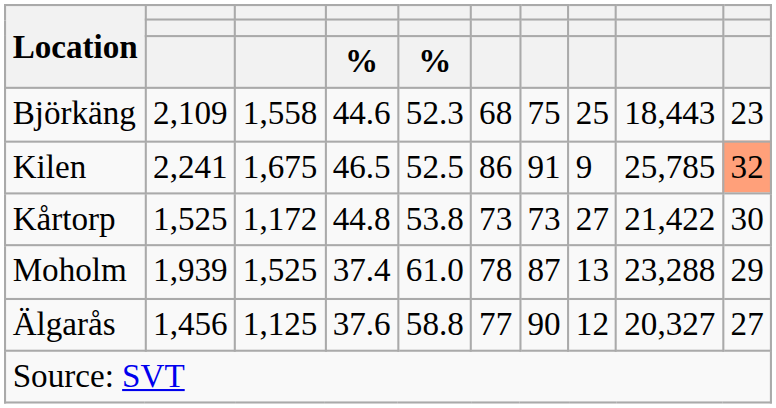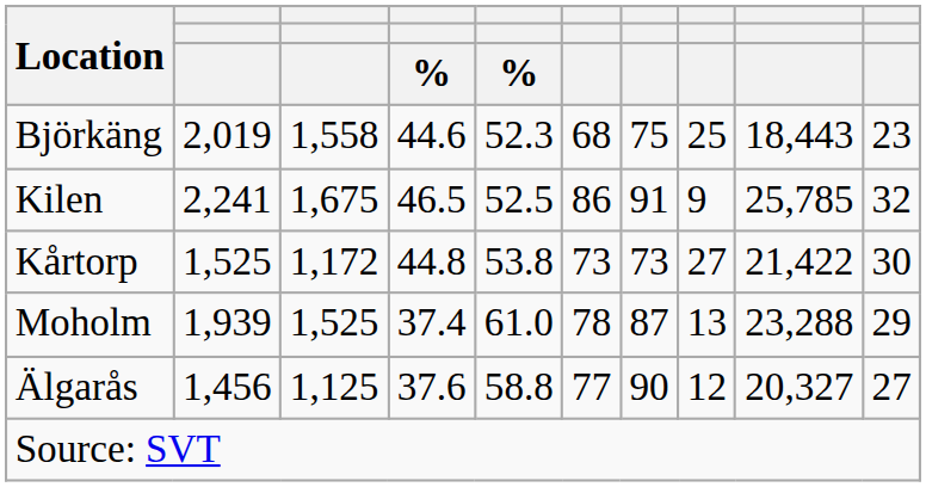 <table role="presentation" class="wikitable sortable mw-collapsible">
 <tr>
 <th rowspan="3">Location</th>
 <th></th>
 <th></th>
 <th></th>
 <th></th>
 <th></th>
 <th></th>
 <th></th>
 <th></th>
 <th></th>
 </tr>
 <tr>
 <th></th>
 <th></th>
 <th style="background:"></th>
 <th style="background:"></th>
 <th></th>
 <th></th>
 <th></th>
 <th></th>
 <th></th>
 </tr>
 <tr>
 <th data-sort-type="number"></th>
 <th data-sort-type="number"></th>
 <th data-sort-type="number">%</th>
 <th data-sort-type="number">%</th>
 <th data-sort-type="number"></th>
 <th data-sort-type="number"></th>
 <th data-sort-type="number"></th>
 <th data-sort-type="number"></th>
 <th data-sort-type="number"></th>
 </tr>
 <tr>
 <td align="left">Björkäng</td>
-<td>2,109</td>
+<td>2,019</td>
 <td>1,558</td>
 <td>44.6</td>
 <td>52.3</td>
 <td>68</td>
 <td>75</td>
 <td>25</td>
 <td>18,443</td>
 <td>23</td>
 </tr>
 <tr>
 <td align="left">Kilen</td>
 <td>2,241</td>
 <td>1,675</td>
 <td>46.5</td>
 <td>52.5</td>
 <td>86</td>
 <td>91</td>
 <td>9</td>
 <td>25,785</td>
-<td style="background: lightsalmon;">32</td>
+<td>32</td>
 </tr>
 <tr>
 <td align="left">Kårtorp</td>
 <td>1,525</td>
 <td>1,172</td>
 <td>44.8</td>
 <td>53.8</td>
 <td>73</td>
 <td>73</td>
 <td>27</td>
 <td>21,422</td>
 <td>30</td>
 </tr>
 <tr>
 <td align="left">Moholm</td>
 <td>1,939</td>
 <td>1,525</td>
 <td>37.4</td>
 <td>61.0</td>
 <td>78</td>
 <td>87</td>
 <td>13</td>
 <td>23,288</td>
 <td>29</td>
 </tr>
 <tr>
 <td align="left">Älgarås</td>
 <td>1,456</td>
 <td>1,125</td>
 <td>37.6</td>
 <td>58.8</td>
 <td>77</td>
 <td>90</td>
 <td>12</td>
 <td>20,327</td>
 <td>27</td>
 </tr>
 <tr>
 <td colspan="10" align="left">Source: <a href='#'>SVT</a></td>
 </tr>
 </table>
